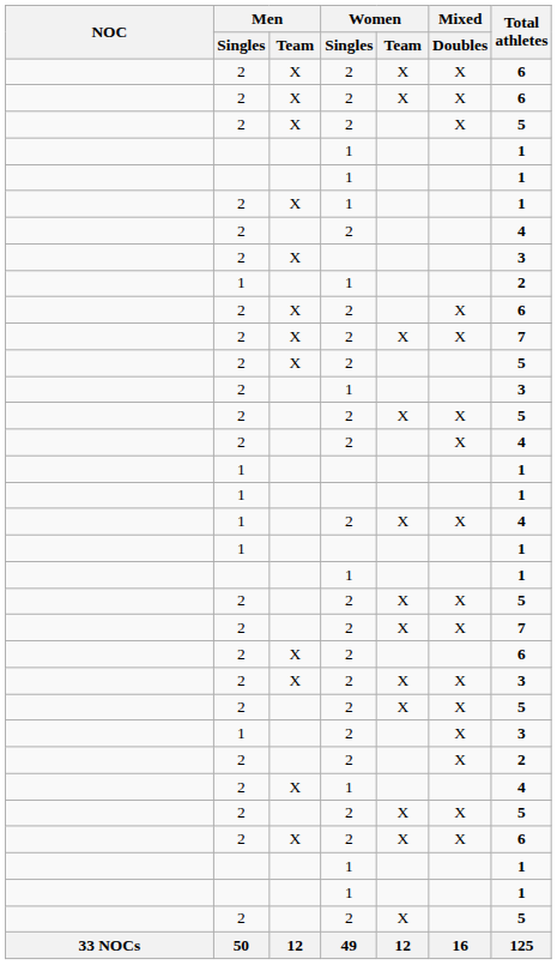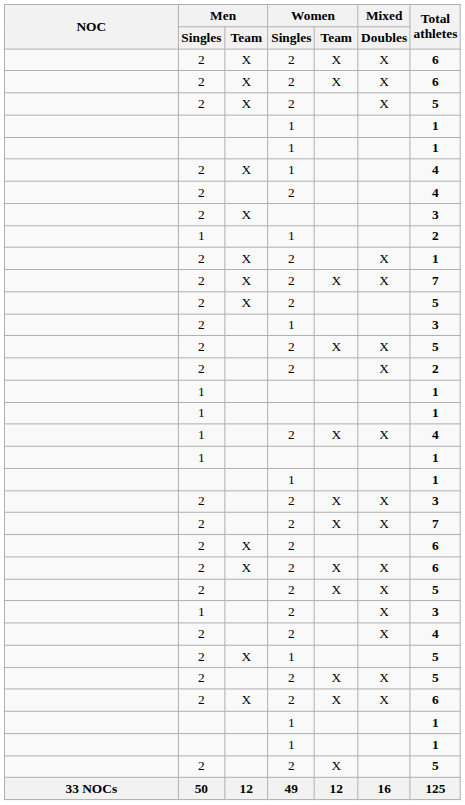 <table class="wikitable" style="text-align:center; font-size:90%">
 <tr>
 <th rowspan=2 width=180 align="left">NOC</th>
 <th colspan=2>Men</th>
 <th colspan=2>Women</th>
 <th>Mixed</th>
 <th rowspan=2>Total<br>athletes</th>
 </tr>
 <tr>
 <th width=40>Singles</th>
 <th width=40>Team</th>
 <th width=40>Singles</th>
 <th width=40>Team</th>
 <th width=40>Doubles</th>
 </tr>
 <tr>
 <td align=left></td>
 <td>2</td>
 <td>X</td>
 <td>2</td>
 <td>X</td>
 <td>X</td>
 <td><strong>6</strong></td>
 </tr>
 <tr>
 <td align=left></td>
 <td>2</td>
 <td>X</td>
 <td>2</td>
 <td>X</td>
 <td>X</td>
 <td><strong>6</strong></td>
 </tr>
 <tr>
 <td align=left></td>
 <td>2</td>
 <td>X</td>
 <td>2</td>
 <td></td>
 <td>X</td>
 <td><strong>5</strong></td>
 </tr>
 <tr>
 <td align=left></td>
 <td></td>
 <td></td>
 <td>1</td>
 <td></td>
 <td></td>
 <td><strong>1</strong></td>
 </tr>
 <tr>
 <td align=left></td>
 <td></td>
 <td></td>
 <td>1</td>
 <td></td>
 <td></td>
 <td><strong>1</strong></td>
 </tr>
 <tr>
 <td align=left></td>
 <td>2</td>
 <td>X</td>
 <td>1</td>
 <td></td>
 <td></td>
-<td><strong>1</strong></td>
+<td><strong>4</strong></td>
 </tr>
 <tr>
 <td align=left></td>
 <td>2</td>
 <td></td>
 <td>2</td>
 <td></td>
 <td></td>
 <td><strong>4</strong></td>
 </tr>
 <tr>
 <td align=left></td>
 <td>2</td>
 <td>X</td>
 <td></td>
 <td></td>
 <td></td>
 <td><strong>3</strong></td>
 </tr>
 <tr>
 <td align=left></td>
 <td>1</td>
 <td></td>
 <td>1</td>
 <td></td>
 <td></td>
 <td><strong>2</strong></td>
 </tr>
 <tr>
 <td align=left></td>
 <td>2</td>
 <td>X</td>
 <td>2</td>
 <td></td>
 <td>X</td>
-<td><strong>6</strong></td>
+<td><strong>1</strong></td>
 </tr>
 <tr>
 <td align=left></td>
 <td>2</td>
 <td>X</td>
 <td>2</td>
 <td>X</td>
 <td>X</td>
 <td><strong>7</strong></td>
 </tr>
 <tr>
 <td align=left></td>
 <td>2</td>
 <td>X</td>
 <td>2</td>
 <td></td>
 <td></td>
 <td><strong>5</strong></td>
 </tr>
 <tr>
 <td align=left></td>
 <td>2</td>
 <td></td>
 <td>1</td>
 <td></td>
 <td></td>
 <td><strong>3</strong></td>
 </tr>
 <tr>
 <td align=left></td>
 <td>2</td>
 <td></td>
 <td>2</td>
 <td>X</td>
 <td>X</td>
 <td><strong>5</strong></td>
 </tr>
 <tr>
 <td align=left></td>
 <td>2</td>
 <td></td>
 <td>2</td>
 <td></td>
 <td>X</td>
-<td><strong>4</strong></td>
+<td><strong>2</strong></td>
 </tr>
 <tr>
 <td align=left></td>
 <td>1</td>
 <td></td>
 <td></td>
 <td></td>
 <td></td>
 <td><strong>1</strong></td>
 </tr>
 <tr>
 <td align=left></td>
 <td>1</td>
 <td></td>
 <td></td>
 <td></td>
 <td></td>
 <td><strong>1</strong></td>
 </tr>
 <tr>
 <td align=left></td>
 <td>1</td>
 <td></td>
 <td>2</td>
 <td>X</td>
 <td>X</td>
 <td><strong>4</strong></td>
 </tr>
 <tr>
 <td align=left></td>
 <td>1</td>
 <td></td>
 <td></td>
 <td></td>
 <td></td>
 <td><strong>1</strong></td>
 </tr>
 <tr>
 <td align=left></td>
 <td></td>
 <td></td>
 <td>1</td>
 <td></td>
 <td></td>
 <td><strong>1</strong></td>
 </tr>
 <tr>
 <td align=left></td>
 <td>2</td>
 <td></td>
 <td>2</td>
 <td>X</td>
 <td>X</td>
-<td><strong>5</strong></td>
+<td><strong>3</strong></td>
 </tr>
 <tr>
 <td align=left></td>
 <td>2</td>
 <td></td>
 <td>2</td>
 <td>X</td>
 <td>X</td>
 <td><strong>7</strong></td>
 </tr>
 <tr>
 <td align=left></td>
 <td>2</td>
 <td>X</td>
 <td>2</td>
 <td></td>
 <td></td>
 <td><strong>6</strong></td>
 </tr>
 <tr>
 <td align=left></td>
 <td>2</td>
 <td>X</td>
 <td>2</td>
 <td>X</td>
 <td>X</td>
-<td><strong>3</strong></td>
+<td><strong>6</strong></td>
 </tr>
 <tr>
 <td align=left></td>
 <td>2</td>
 <td></td>
 <td>2</td>
 <td>X</td>
 <td>X</td>
 <td><strong>5</strong></td>
 </tr>
 <tr>
 <td align=left></td>
 <td>1</td>
 <td></td>
 <td>2</td>
 <td></td>
 <td>X</td>
 <td><strong>3</strong></td>
 </tr>
 <tr>
 <td align=left></td>
 <td>2</td>
 <td></td>
 <td>2</td>
 <td></td>
 <td>X</td>
-<td><strong>2</strong></td>
+<td><strong>4</strong></td>
 </tr>
 <tr>
 <td align=left></td>
 <td>2</td>
 <td>X</td>
 <td>1</td>
 <td></td>
 <td></td>
-<td><strong>4</strong></td>
+<td><strong>5</strong></td>
 </tr>
 <tr>
 <td align=left></td>
 <td>2</td>
 <td></td>
 <td>2</td>
 <td>X</td>
 <td>X</td>
 <td><strong>5</strong></td>
 </tr>
 <tr>
 <td align=left></td>
 <td>2</td>
 <td>X</td>
 <td>2</td>
 <td>X</td>
 <td>X</td>
 <td><strong>6</strong></td>
 </tr>
 <tr>
 <td align=left></td>
 <td></td>
 <td></td>
 <td>1</td>
 <td></td>
 <td></td>
 <td><strong>1</strong></td>
 </tr>
 <tr>
 <td align=left></td>
 <td></td>
 <td></td>
 <td>1</td>
 <td></td>
 <td></td>
 <td><strong>1</strong></td>
 </tr>
 <tr>
 <td align=left></td>
 <td>2</td>
 <td></td>
 <td>2</td>
 <td>X</td>
 <td></td>
 <td><strong>5</strong></td>
 </tr>
 <tr>
 <th>33 NOCs</th>
 <th>50</th>
 <th>12</th>
 <th>49</th>
 <th>12</th>
 <th>16</th>
 <th>125</th>
 </tr>
 </table>
